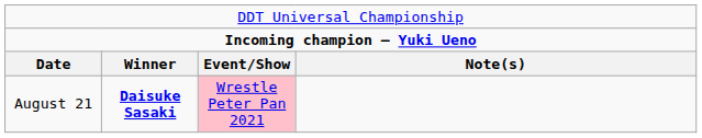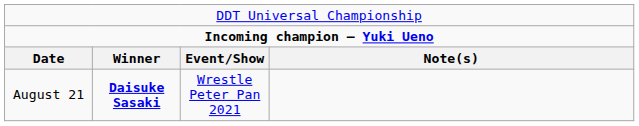 <table class="wikitable" style="text-align:center; width:100%;">
 <tr>
 <td colspan="4" style="text-align: center;"><a href='#'>DDT Universal Championship</a></td>
 </tr>
 <tr>
 <td colspan="4" style="text-align: center;"><strong>Incoming champion – <a href='#'>Yuki Ueno</a></strong></td>
 </tr>
 <tr>
 <th width=14%>Date</th>
 <th width=14%>Winner</th>
 <th width=14%>Event/Show</th>
 <th width=58%>Note(s)</th>
 </tr>
 <tr>
 <td>August 21</td>
 <td><strong><a href='#'>Daisuke Sasaki</a></strong></td>
-<td style="background: pink;"><a href='#'>Wrestle Peter Pan 2021</a></td>
+<td><a href='#'>Wrestle Peter Pan 2021</a></td>
 <td></td>
 </tr>
 </table>
